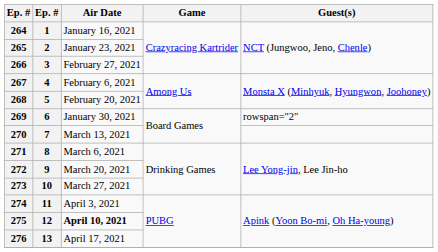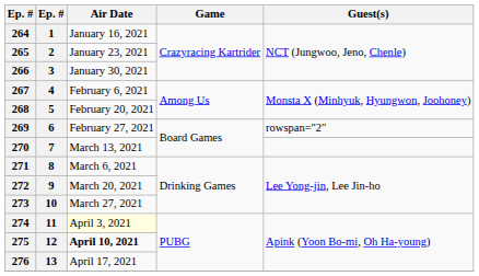 <table class="wikitable" style = "font-size: 90%;">
 <tr>
 <th>Ep. #</th>
 <th>Ep. #</th>
 <th>Air Date</th>
 <th>Game</th>
 <th>Guest(s)</th>
 </tr>
 <tr>
 <th>264</th>
 <th>1</th>
 <td>January 16, 2021</td>
 <td rowspan="3"><a href='#'>Crazyracing Kartrider</a></td>
 <td rowspan="3"><a href='#'>NCT</a> (Jungwoo, Jeno, <a href='#'>Chenle</a>)</td>
 </tr>
 <tr>
 <th>265</th>
 <th>2</th>
 <td>January 23, 2021</td>
 </tr>
 <tr>
 <th>266</th>
 <th>3</th>
-<td>February 27, 2021</td>
+<td>January 30, 2021</td>
 </tr>
 <tr>
 <th>267</th>
 <th>4</th>
 <td>February 6, 2021</td>
 <td rowspan="2"><a href='#'>Among Us</a></td>
 <td rowspan="2"><a href='#'>Monsta X</a> (<a href='#'>Minhyuk</a>, <a href='#'>Hyungwon</a>, <a href='#'>Joohoney</a>)</td>
 </tr>
 <tr>
 <th>268</th>
 <th>5</th>
 <td>February 20, 2021</td>
 </tr>
 <tr>
 <th>269</th>
 <th>6</th>
-<td>January 30, 2021</td>
+<td>February 27, 2021</td>
 <td rowspan="2">Board Games</td>
 <td>rowspan="2" </td>
 </tr>
 <tr>
 <th>270</th>
 <th>7</th>
 <td>March 13, 2021</td>
 </tr>
 <tr>
 <th>271</th>
 <th>8</th>
 <td>March 6, 2021</td>
 <td rowspan="3">Drinking Games</td>
 <td rowspan="3"><a href='#'>Lee Yong-jin</a>, Lee Jin-ho</td>
 </tr>
 <tr>
 <th>272</th>
 <th>9</th>
 <td>March 20, 2021</td>
 </tr>
 <tr>
 <th>273</th>
 <th>10</th>
 <td>March 27, 2021</td>
 </tr>
 <tr>
 <th>274</th>
 <th>11</th>
-<td>April 3, 2021</td>
+<td style="background: lightyellow;">April 3, 2021</td>
 <td rowspan="3"><a href='#'>PUBG</a></td>
 <td rowspan="3"><a href='#'>Apink</a> (<a href='#'>Yoon Bo-mi</a>, <a href='#'>Oh Ha-young</a>)</td>
 </tr>
 <tr>
 <th>275</th>
 <th>12</th>
 <td><strong>April 10, 2021</strong></td>
 </tr>
 <tr>
 <th>276</th>
 <th>13</th>
 <td>April 17, 2021</td>
 </tr>
 <tr>
 </tr>
 </table>
